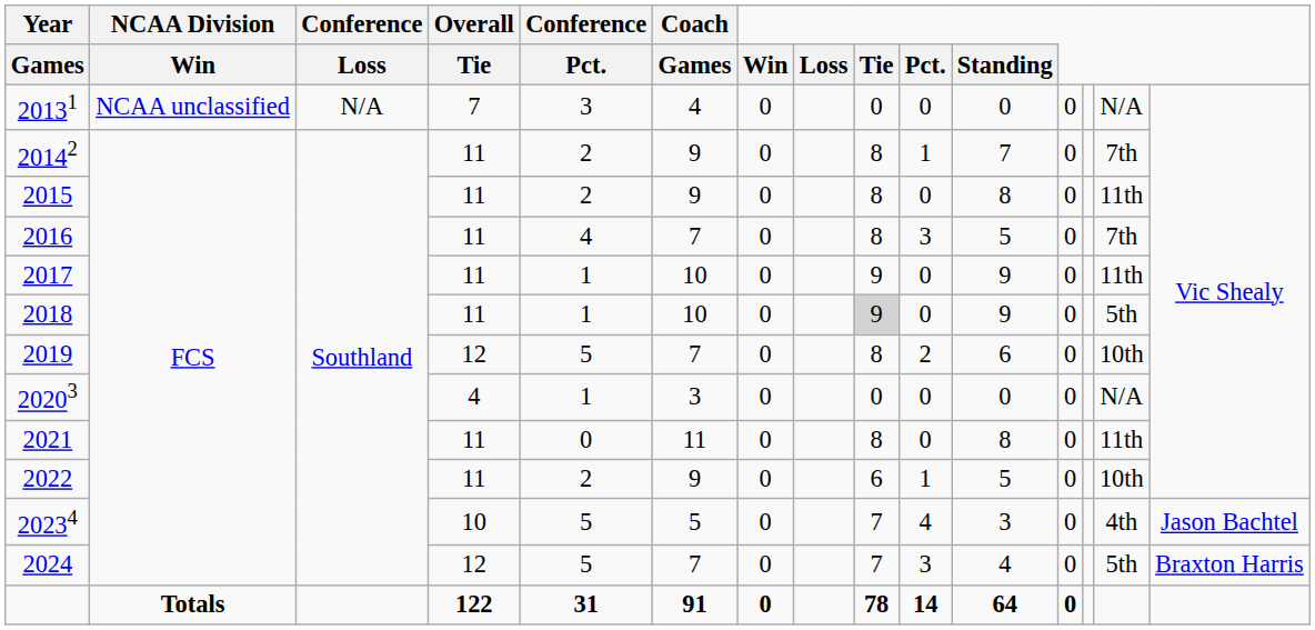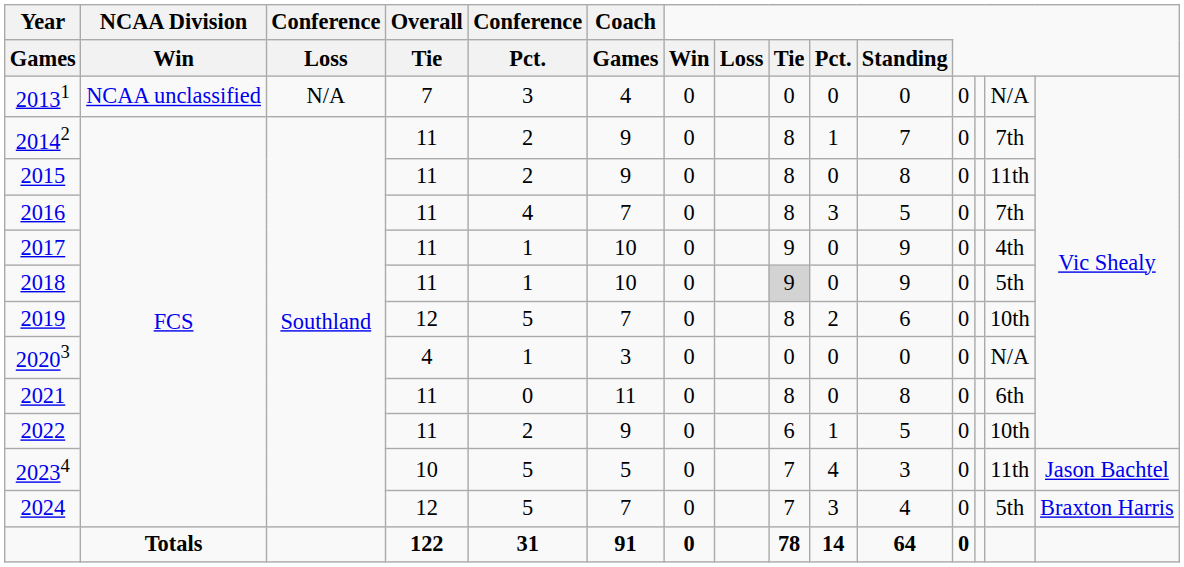 <table class="wikitable"  style="text-align:center;">
 <tr>
 <th>Year</th>
 <th>NCAA Division</th>
 <th>Conference</th>
 <th>Overall</th>
 <th>Conference</th>
 <th>Coach</th>
 </tr>
 <tr>
 <th>Games</th>
 <th>Win</th>
 <th>Loss</th>
 <th>Tie</th>
 <th>Pct.</th>
 <th>Games</th>
 <th>Win</th>
 <th>Loss</th>
 <th>Tie</th>
 <th>Pct.</th>
 <th>Standing</th>
 </tr>
 <tr>
 <td><a href='#'>2013</a><sup>1</sup></td>
 <td><a href='#'>NCAA unclassified</a></td>
 <td>N/A</td>
 <td>7</td>
 <td>3</td>
 <td>4</td>
 <td>0</td>
 <td></td>
 <td>0</td>
 <td>0</td>
 <td>0</td>
 <td>0</td>
 <td></td>
 <td>N/A</td>
 <td rowspan="10"><a href='#'>Vic Shealy</a></td>
 </tr>
 <tr>
 <td><a href='#'>2014</a><sup>2</sup></td>
 <td rowspan="11"><a href='#'>FCS</a></td>
 <td rowspan="11"><a href='#'>Southland</a></td>
 <td>11</td>
 <td>2</td>
 <td>9</td>
 <td>0</td>
 <td></td>
 <td>8</td>
 <td>1</td>
 <td>7</td>
 <td>0</td>
 <td></td>
 <td>7th</td>
 </tr>
 <tr>
 <td><a href='#'>2015</a></td>
 <td>11</td>
 <td>2</td>
 <td>9</td>
 <td>0</td>
 <td></td>
 <td>8</td>
 <td>0</td>
 <td>8</td>
 <td>0</td>
 <td></td>
 <td>11th</td>
 </tr>
 <tr>
 <td><a href='#'>2016</a></td>
 <td>11</td>
 <td>4</td>
 <td>7</td>
 <td>0</td>
 <td></td>
 <td>8</td>
 <td>3</td>
 <td>5</td>
 <td>0</td>
 <td></td>
 <td>7th</td>
 </tr>
 <tr>
 <td><a href='#'>2017</a></td>
 <td>11</td>
 <td>1</td>
 <td>10</td>
 <td>0</td>
 <td></td>
 <td>9</td>
 <td>0</td>
 <td>9</td>
 <td>0</td>
 <td></td>
-<td>11th</td>
+<td>4th</td>
 </tr>
 <tr>
 <td><a href='#'>2018</a></td>
 <td>11</td>
 <td>1</td>
 <td>10</td>
 <td>0</td>
 <td></td>
 <td style="background: lightgrey;">9</td>
 <td>0</td>
 <td>9</td>
 <td>0</td>
 <td></td>
 <td>5th</td>
 </tr>
 <tr>
 <td><a href='#'>2019</a></td>
 <td>12</td>
 <td>5</td>
 <td>7</td>
 <td>0</td>
 <td></td>
 <td>8</td>
 <td>2</td>
 <td>6</td>
 <td>0</td>
 <td></td>
 <td>10th</td>
 </tr>
 <tr>
 <td><a href='#'>2020</a><sup>3</sup></td>
 <td>4</td>
 <td>1</td>
 <td>3</td>
 <td>0</td>
 <td></td>
 <td>0</td>
 <td>0</td>
 <td>0</td>
 <td>0</td>
 <td></td>
 <td>N/A</td>
 </tr>
 <tr>
 <td><a href='#'>2021</a></td>
 <td>11</td>
 <td>0</td>
 <td>11</td>
 <td>0</td>
 <td></td>
 <td>8</td>
 <td>0</td>
 <td>8</td>
 <td>0</td>
 <td></td>
-<td>11th</td>
+<td>6th</td>
 </tr>
 <tr>
 <td><a href='#'>2022</a></td>
 <td>11</td>
 <td>2</td>
 <td>9</td>
 <td>0</td>
 <td></td>
 <td>6</td>
 <td>1</td>
 <td>5</td>
 <td>0</td>
 <td></td>
 <td>10th</td>
 </tr>
 <tr>
 <td><a href='#'>2023</a><sup>4</sup></td>
 <td>10</td>
 <td>5</td>
 <td>5</td>
 <td>0</td>
 <td></td>
 <td>7</td>
 <td>4</td>
 <td>3</td>
 <td>0</td>
 <td></td>
-<td>4th</td>
+<td>11th</td>
 <td><a href='#'>Jason Bachtel</a></td>
 </tr>
 <tr>
 <td><a href='#'>2024</a></td>
 <td>12</td>
 <td>5</td>
 <td>7</td>
 <td>0</td>
 <td></td>
 <td>7</td>
 <td>3</td>
 <td>4</td>
 <td>0</td>
 <td></td>
 <td>5th</td>
 <td><a href='#'>Braxton Harris</a></td>
 </tr>
 <tr>
 <td></td>
 <td><strong>Totals</strong></td>
 <td></td>
 <td><strong>122</strong></td>
 <td><strong>31</strong></td>
 <td><strong>91</strong></td>
 <td><strong>0</strong></td>
 <td><strong></strong></td>
 <td><strong>78</strong></td>
 <td><strong>14</strong></td>
 <td><strong>64</strong></td>
 <td><strong>0</strong></td>
 <td><strong></strong></td>
 <td></td>
 <td></td>
 </tr>
 </table>
